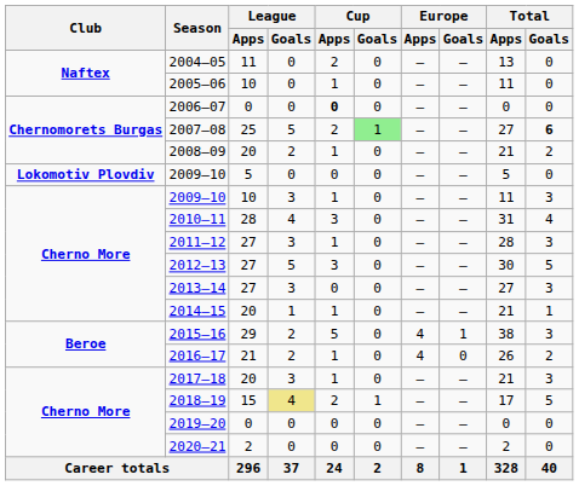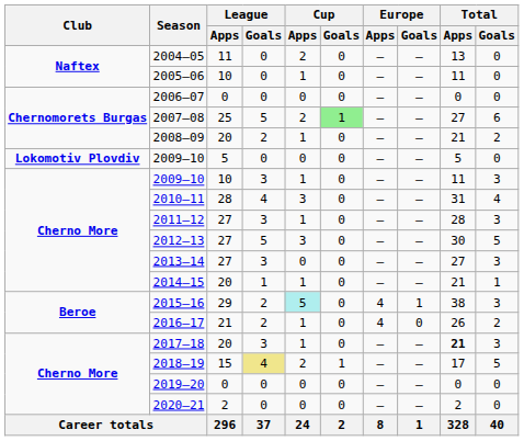 <table class="wikitable" style="font-size:90%; text-align: center;">
 <tr>
 <th rowspan="2">Club</th>
 <th rowspan="2">Season</th>
 <th colspan="2">League</th>
 <th colspan="2">Cup</th>
 <th colspan="2">Europe</th>
 <th colspan="2">Total</th>
 </tr>
 <tr>
 <th>Apps</th>
 <th>Goals</th>
 <th>Apps</th>
 <th>Goals</th>
 <th>Apps</th>
 <th>Goals</th>
 <th>Apps</th>
 <th>Goals</th>
 </tr>
 <tr>
 <td rowspan="2" valign="center"><strong><a href='#'>Naftex</a></strong></td>
 <td>2004–05</td>
 <td>11</td>
 <td>0</td>
 <td>2</td>
 <td>0</td>
 <td>–</td>
 <td>–</td>
 <td>13</td>
 <td>0</td>
 </tr>
 <tr>
 <td>2005–06</td>
 <td>10</td>
 <td>0</td>
 <td>1</td>
 <td>0</td>
 <td>–</td>
 <td>–</td>
 <td>11</td>
 <td>0</td>
 </tr>
 <tr>
 <td rowspan="3" valign="center"><strong><a href='#'>Chernomorets Burgas</a></strong></td>
 <td>2006–07</td>
 <td>0</td>
 <td>0</td>
-<td><strong>0</strong></td>
+<td>0</td>
 <td>0</td>
 <td>–</td>
 <td>–</td>
 <td>0</td>
 <td>0</td>
 </tr>
 <tr>
 <td>2007–08</td>
 <td>25</td>
 <td>5</td>
 <td>2</td>
 <td style="background: lightgreen;">1</td>
 <td>–</td>
 <td>–</td>
 <td>27</td>
-<td><strong>6</strong></td>
+<td>6</td>
 </tr>
 <tr>
 <td>2008–09</td>
 <td>20</td>
 <td>2</td>
 <td>1</td>
 <td>0</td>
 <td>–</td>
 <td>–</td>
 <td>21</td>
 <td>2</td>
 </tr>
 <tr>
 <td rowspan="1" valign="center"><strong><a href='#'>Lokomotiv Plovdiv</a></strong></td>
 <td>2009–10</td>
 <td>5</td>
 <td>0</td>
 <td>0</td>
 <td>0</td>
 <td>–</td>
 <td>–</td>
 <td>5</td>
 <td>0</td>
 </tr>
 <tr>
 <td rowspan="6" valign="center"><strong><a href='#'>Cherno More</a></strong></td>
 <td><a href='#'>2009–10</a></td>
 <td>10</td>
 <td>3</td>
 <td>1</td>
 <td>0</td>
 <td>–</td>
 <td>–</td>
 <td>11</td>
 <td>3</td>
 </tr>
 <tr>
 <td><a href='#'>2010–11</a></td>
 <td>28</td>
 <td>4</td>
 <td>3</td>
 <td>0</td>
 <td>–</td>
 <td>–</td>
 <td>31</td>
 <td>4</td>
 </tr>
 <tr>
 <td><a href='#'>2011–12</a></td>
 <td>27</td>
 <td>3</td>
 <td>1</td>
 <td>0</td>
 <td>–</td>
 <td>–</td>
 <td>28</td>
 <td>3</td>
 </tr>
 <tr>
 <td><a href='#'>2012–13</a></td>
 <td>27</td>
 <td>5</td>
 <td>3</td>
 <td>0</td>
 <td>–</td>
 <td>–</td>
 <td>30</td>
 <td>5</td>
 </tr>
 <tr>
 <td><a href='#'>2013–14</a></td>
 <td>27</td>
 <td>3</td>
 <td>0</td>
 <td>0</td>
 <td>–</td>
 <td>–</td>
 <td>27</td>
 <td>3</td>
 </tr>
 <tr>
 <td><a href='#'>2014–15</a></td>
 <td>20</td>
 <td>1</td>
 <td>1</td>
 <td>0</td>
 <td>–</td>
 <td>–</td>
 <td>21</td>
 <td>1</td>
 </tr>
 <tr>
 <td rowspan="2" valign="center"><strong><a href='#'>Beroe</a></strong></td>
 <td><a href='#'>2015–16</a></td>
 <td>29</td>
 <td>2</td>
-<td>5</td>
+<td style="background: paleturquoise;">5</td>
 <td>0</td>
 <td>4</td>
 <td>1</td>
 <td>38</td>
 <td>3</td>
 </tr>
 <tr>
 <td><a href='#'>2016–17</a></td>
 <td>21</td>
 <td>2</td>
 <td>1</td>
 <td>0</td>
 <td>4</td>
 <td>0</td>
 <td>26</td>
 <td>2</td>
 </tr>
 <tr>
 <td rowspan="4" valign="center"><strong><a href='#'>Cherno More</a></strong></td>
 <td><a href='#'>2017–18</a></td>
 <td>20</td>
 <td>3</td>
 <td>1</td>
 <td>0</td>
 <td>–</td>
 <td>–</td>
-<td>21</td>
+<td><strong>21</strong></td>
 <td>3</td>
 </tr>
 <tr>
 <td><a href='#'>2018–19</a></td>
 <td>15</td>
 <td style="background: khaki;">4</td>
 <td>2</td>
 <td>1</td>
 <td>–</td>
 <td>–</td>
 <td>17</td>
 <td>5</td>
 </tr>
 <tr>
 <td><a href='#'>2019–20</a></td>
 <td>0</td>
 <td>0</td>
 <td>0</td>
 <td>0</td>
 <td>–</td>
 <td>–</td>
 <td>0</td>
 <td>0</td>
 </tr>
 <tr>
 <td><a href='#'>2020–21</a></td>
 <td>2</td>
 <td>0</td>
 <td>0</td>
 <td>0</td>
 <td>–</td>
 <td>–</td>
 <td>2</td>
 <td>0</td>
 </tr>
 <tr>
 <th colspan="2">Career totals</th>
 <th>296</th>
 <th>37</th>
 <th>24</th>
 <th>2</th>
 <th>8</th>
 <th>1</th>
 <th>328</th>
 <th>40</th>
 </tr>
 </table>
